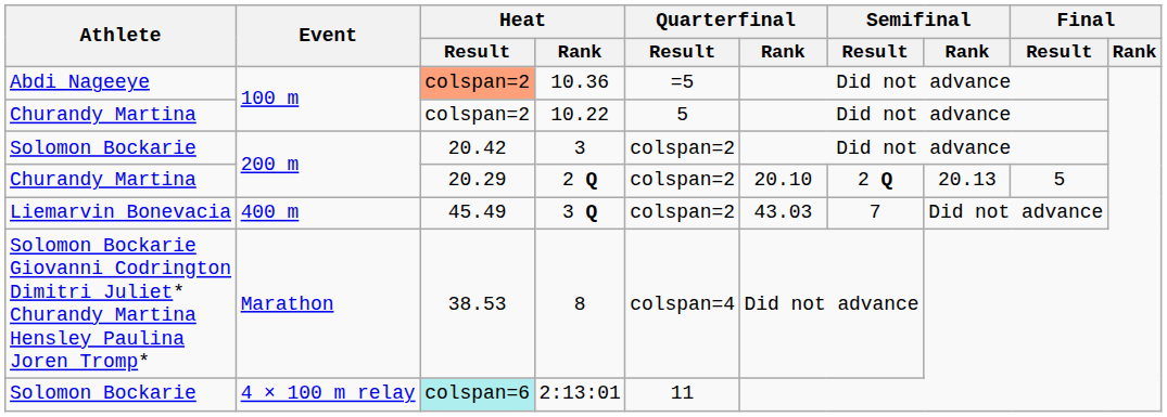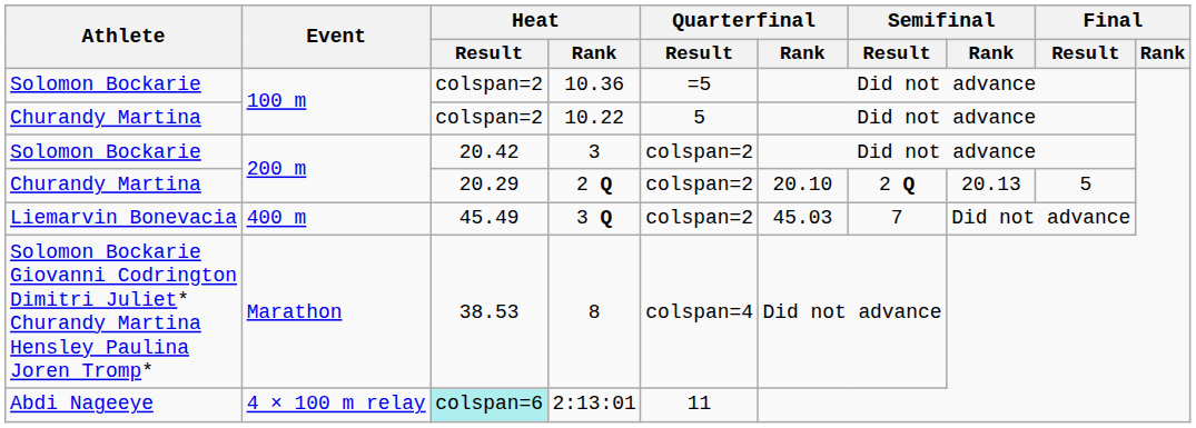 <table class="wikitable" style="font-size:90%">
 <tr>
 <th rowspan="2">Athlete</th>
 <th rowspan="2">Event</th>
 <th colspan="2">Heat</th>
 <th colspan="2">Quarterfinal</th>
 <th colspan="2">Semifinal</th>
 <th colspan="2">Final</th>
 </tr>
 <tr style="font-size:95%">
 <th>Result</th>
 <th>Rank</th>
 <th>Result</th>
 <th>Rank</th>
 <th>Result</th>
 <th>Rank</th>
 <th>Result</th>
 <th>Rank</th>
 </tr>
 <tr align=center>
-<td align=left><a href='#'>Abdi Nageeye</a></td>
+<td align=left><a href='#'>Solomon Bockarie</a></td>
 <td align=left rowspan=2><a href='#'>100 m</a></td>
-<td style="background: lightsalmon;">colspan=2 </td>
+<td>colspan=2 </td>
 <td>10.36</td>
 <td>=5</td>
 <td colspan=4>Did not advance</td>
 </tr>
 <tr align=center>
 <td align=left><a href='#'>Churandy Martina</a></td>
 <td>colspan=2 </td>
 <td>10.22</td>
 <td>5</td>
 <td colspan=4>Did not advance</td>
 </tr>
 <tr align=center>
 <td align=left><a href='#'>Solomon Bockarie</a></td>
 <td align=left rowspan=2><a href='#'>200 m</a></td>
 <td>20.42</td>
 <td>3</td>
 <td>colspan=2 </td>
 <td colspan=4>Did not advance</td>
 </tr>
 <tr align=center>
 <td align=left><a href='#'>Churandy Martina</a></td>
 <td>20.29</td>
 <td>2 <strong>Q</strong></td>
 <td>colspan=2 </td>
 <td>20.10</td>
 <td>2 <strong>Q</strong></td>
 <td>20.13</td>
 <td>5</td>
 </tr>
 <tr align=center>
 <td align=left><a href='#'>Liemarvin Bonevacia</a></td>
 <td align=left><a href='#'>400 m</a></td>
 <td>45.49</td>
 <td>3 <strong>Q</strong></td>
 <td>colspan=2 </td>
-<td>43.03</td>
+<td>45.03</td>
 <td>7</td>
 <td colspan=2>Did not advance</td>
 </tr>
 <tr align=center>
 <td align=left><a href='#'>Solomon Bockarie</a><br><a href='#'>Giovanni Codrington</a><br><a href='#'>Dimitri Juliet</a>*<br><a href='#'>Churandy Martina</a><br><a href='#'>Hensley Paulina</a><br><a href='#'>Joren Tromp</a>*</td>
 <td align=left><a href='#'>Marathon</a></td>
 <td>38.53</td>
 <td>8</td>
 <td>colspan=4 </td>
 <td colspan=2>Did not advance</td>
 </tr>
 <tr align=center>
-<td align=left><a href='#'>Solomon Bockarie</a></td>
+<td align=left><a href='#'>Abdi Nageeye</a></td>
 <td align=left><a href='#'>4 × 100 m relay</a></td>
 <td style="background: paleturquoise;">colspan=6 </td>
 <td>2:13:01</td>
 <td>11</td>
 </tr>
 </table>
